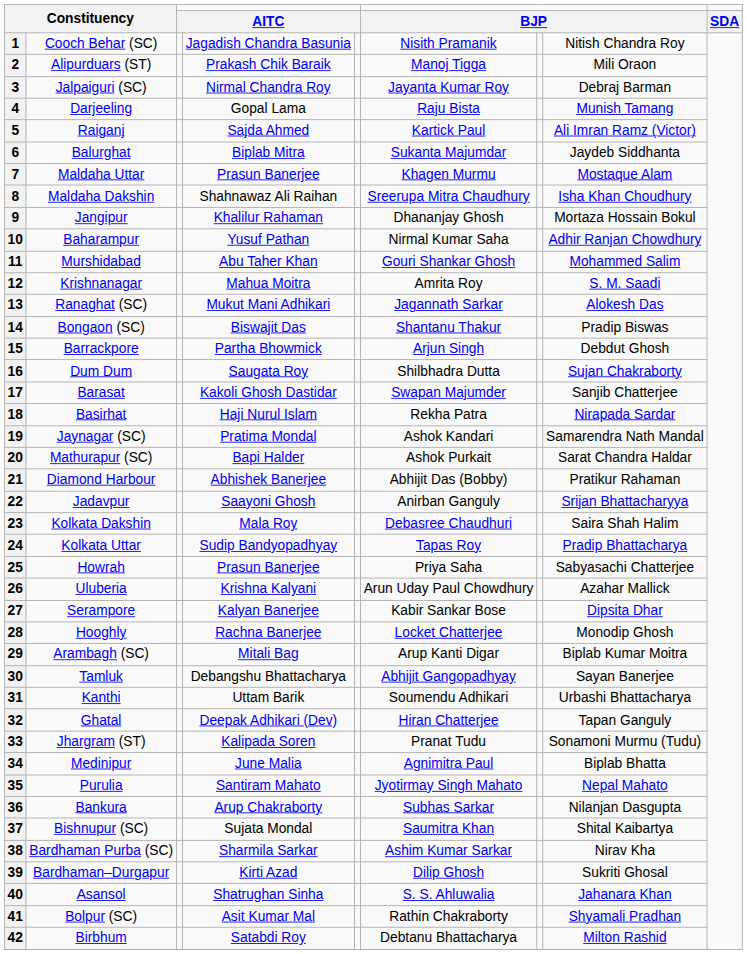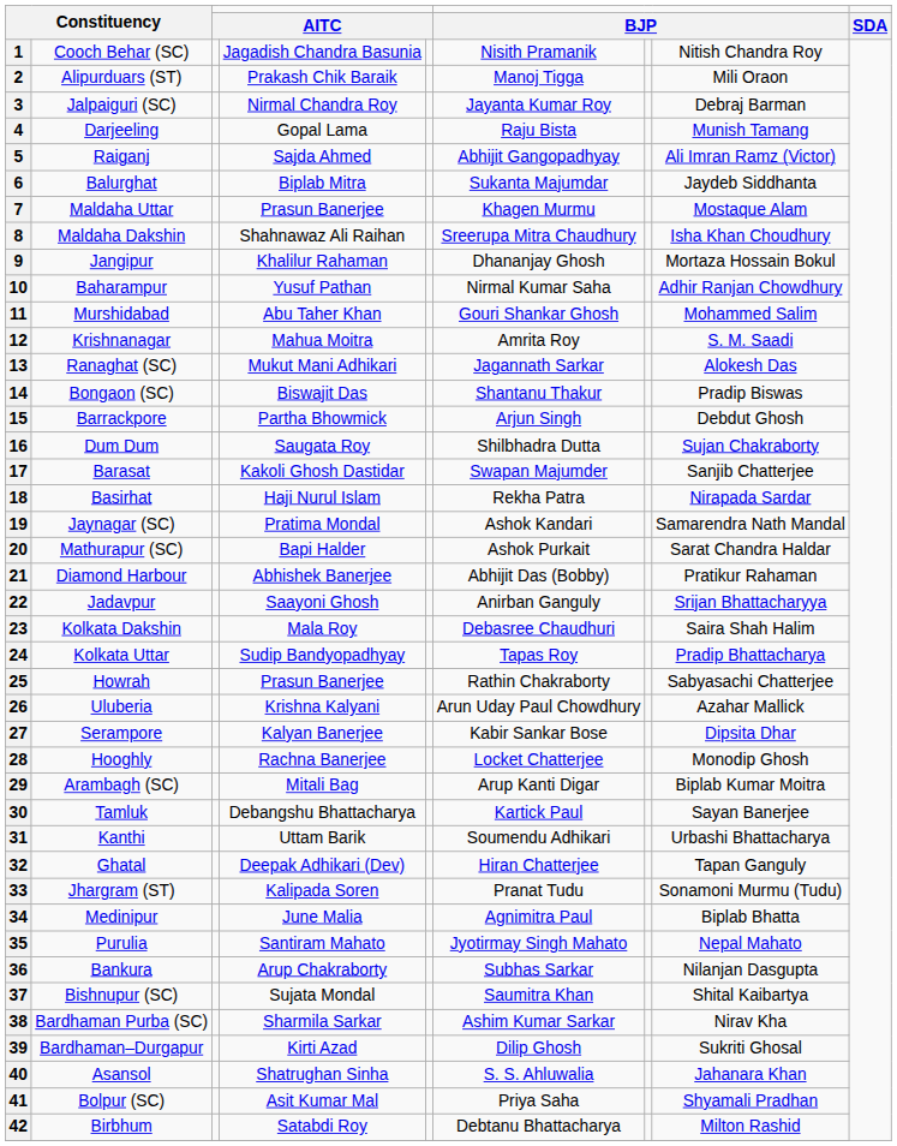 <table class="wikitable sortable" style="text-align:center">
 <tr>
 <th colspan="2" rowspan="2">Constituency</th>
 <td colspan="3"></td>
 <td colspan="3"></td>
 <td colspan="3"></td>
 </tr>
 <tr>
 <th colspan="3"><a href='#'><strong>AITC</strong></a></th>
 <th colspan="3"><a href='#'><strong>BJP</strong></a></th>
 <th colspan="3"><a href='#'>SDA</a></th>
 </tr>
 <tr>
 <th>1</th>
 <td><a href='#'>Cooch Behar</a> (SC)</td>
 <td></td>
 <td><a href='#'>Jagadish Chandra Basunia</a></td>
 <td></td>
 <td><a href='#'>Nisith Pramanik</a></td>
 <td></td>
 <td>Nitish Chandra Roy</td>
 </tr>
 <tr>
 <th>2</th>
 <td><a href='#'>Alipurduars</a> (ST)</td>
 <td></td>
 <td><a href='#'>Prakash Chik Baraik</a></td>
 <td></td>
 <td><a href='#'>Manoj Tigga</a></td>
 <td></td>
 <td>Mili Oraon</td>
 </tr>
 <tr>
 <th>3</th>
 <td><a href='#'>Jalpaiguri</a> (SC)</td>
 <td></td>
 <td><a href='#'>Nirmal Chandra Roy</a></td>
 <td></td>
 <td><a href='#'>Jayanta Kumar Roy</a></td>
 <td></td>
 <td>Debraj Barman</td>
 </tr>
 <tr>
 <th>4</th>
 <td><a href='#'>Darjeeling</a></td>
 <td></td>
 <td>Gopal Lama</td>
 <td></td>
 <td><a href='#'>Raju Bista</a></td>
 <td></td>
 <td><a href='#'>Munish Tamang</a></td>
 </tr>
 <tr>
 <th>5</th>
 <td><a href='#'>Raiganj</a></td>
 <td></td>
 <td><a href='#'>Sajda Ahmed</a></td>
 <td></td>
-<td><a href='#'>Kartick Paul</a></td>
+<td><a href='#'>Abhijit Gangopadhyay</a></td>
 <td></td>
 <td><a href='#'>Ali Imran Ramz (Victor)</a></td>
 </tr>
 <tr>
 <th>6</th>
 <td><a href='#'>Balurghat</a></td>
 <td></td>
 <td><a href='#'>Biplab Mitra</a></td>
 <td></td>
 <td><a href='#'>Sukanta Majumdar</a></td>
 <td></td>
 <td>Jaydeb Siddhanta</td>
 </tr>
 <tr>
 <th>7</th>
 <td><a href='#'>Maldaha Uttar</a></td>
 <td></td>
 <td><a href='#'>Prasun Banerjee</a></td>
 <td></td>
 <td><a href='#'>Khagen Murmu</a></td>
 <td></td>
 <td><a href='#'>Mostaque Alam</a></td>
 </tr>
 <tr>
 <th>8</th>
 <td><a href='#'>Maldaha Dakshin</a></td>
 <td></td>
 <td>Shahnawaz Ali Raihan</td>
 <td></td>
 <td><a href='#'>Sreerupa Mitra Chaudhury</a></td>
 <td></td>
 <td><a href='#'>Isha Khan Choudhury</a></td>
 </tr>
 <tr>
 <th>9</th>
 <td><a href='#'>Jangipur</a></td>
 <td></td>
 <td><a href='#'>Khalilur Rahaman</a></td>
 <td></td>
 <td>Dhananjay Ghosh</td>
 <td></td>
 <td>Mortaza Hossain Bokul</td>
 </tr>
 <tr>
 <th>10</th>
 <td><a href='#'>Baharampur</a></td>
 <td></td>
 <td><a href='#'>Yusuf Pathan</a></td>
 <td></td>
 <td>Nirmal Kumar Saha</td>
 <td></td>
 <td><a href='#'>Adhir Ranjan Chowdhury</a></td>
 </tr>
 <tr>
 <th>11</th>
 <td><a href='#'>Murshidabad</a></td>
 <td></td>
 <td><a href='#'>Abu Taher Khan</a></td>
 <td></td>
 <td><a href='#'>Gouri Shankar Ghosh</a></td>
 <td></td>
 <td><a href='#'>Mohammed Salim</a></td>
 </tr>
 <tr>
 <th>12</th>
 <td><a href='#'>Krishnanagar</a></td>
 <td></td>
 <td><a href='#'>Mahua Moitra</a></td>
 <td></td>
 <td>Amrita Roy</td>
 <td></td>
 <td><a href='#'>S. M. Saadi</a></td>
 </tr>
 <tr>
 <th>13</th>
 <td><a href='#'>Ranaghat</a> (SC)</td>
 <td></td>
 <td><a href='#'>Mukut Mani Adhikari</a></td>
 <td></td>
 <td><a href='#'>Jagannath Sarkar</a></td>
 <td></td>
 <td><a href='#'>Alokesh Das</a></td>
 </tr>
 <tr>
 <th>14</th>
 <td><a href='#'>Bongaon</a> (SC)</td>
 <td></td>
 <td><a href='#'>Biswajit Das</a></td>
 <td></td>
 <td><a href='#'>Shantanu Thakur</a></td>
 <td></td>
 <td>Pradip Biswas</td>
 </tr>
 <tr>
 <th>15</th>
 <td><a href='#'>Barrackpore</a></td>
 <td></td>
 <td><a href='#'>Partha Bhowmick</a></td>
 <td></td>
 <td><a href='#'>Arjun Singh</a></td>
 <td></td>
 <td>Debdut Ghosh</td>
 </tr>
 <tr>
 <th>16</th>
 <td><a href='#'>Dum Dum</a></td>
 <td></td>
 <td><a href='#'>Saugata Roy</a></td>
 <td></td>
 <td>Shilbhadra Dutta</td>
 <td></td>
 <td><a href='#'>Sujan Chakraborty</a></td>
 </tr>
 <tr>
 <th>17</th>
 <td><a href='#'>Barasat</a></td>
 <td></td>
 <td><a href='#'>Kakoli Ghosh Dastidar</a></td>
 <td></td>
 <td><a href='#'>Swapan Majumder</a></td>
 <td></td>
 <td>Sanjib Chatterjee</td>
 </tr>
 <tr>
 <th>18</th>
 <td><a href='#'>Basirhat</a></td>
 <td></td>
 <td><a href='#'>Haji Nurul Islam</a></td>
 <td></td>
 <td>Rekha Patra</td>
 <td></td>
 <td><a href='#'>Nirapada Sardar</a></td>
 </tr>
 <tr>
 <th>19</th>
 <td><a href='#'>Jaynagar</a> (SC)</td>
 <td></td>
 <td><a href='#'>Pratima Mondal</a></td>
 <td></td>
 <td>Ashok Kandari</td>
 <td></td>
 <td>Samarendra Nath Mandal</td>
 </tr>
 <tr>
 <th>20</th>
 <td><a href='#'>Mathurapur</a> (SC)</td>
 <td></td>
 <td><a href='#'>Bapi Halder</a></td>
 <td></td>
 <td>Ashok Purkait</td>
 <td></td>
 <td>Sarat Chandra Haldar</td>
 </tr>
 <tr>
 <th>21</th>
 <td><a href='#'>Diamond Harbour</a></td>
 <td></td>
 <td><a href='#'>Abhishek Banerjee</a></td>
 <td></td>
 <td>Abhijit Das (Bobby)</td>
 <td></td>
 <td>Pratikur Rahaman</td>
 </tr>
 <tr>
 <th>22</th>
 <td><a href='#'>Jadavpur</a></td>
 <td></td>
 <td><a href='#'>Saayoni Ghosh</a></td>
 <td></td>
 <td>Anirban Ganguly</td>
 <td></td>
 <td><a href='#'>Srijan Bhattacharyya</a></td>
 </tr>
 <tr>
 <th>23</th>
 <td><a href='#'>Kolkata Dakshin</a></td>
 <td></td>
 <td><a href='#'>Mala Roy</a></td>
 <td></td>
 <td><a href='#'>Debasree Chaudhuri</a></td>
 <td></td>
 <td>Saira Shah Halim</td>
 </tr>
 <tr>
 <th>24</th>
 <td><a href='#'>Kolkata Uttar</a></td>
 <td></td>
 <td><a href='#'>Sudip Bandyopadhyay</a></td>
 <td></td>
 <td><a href='#'>Tapas Roy</a></td>
 <td></td>
 <td><a href='#'>Pradip Bhattacharya</a></td>
 </tr>
 <tr>
 <th>25</th>
 <td><a href='#'>Howrah</a></td>
 <td></td>
 <td><a href='#'>Prasun Banerjee</a></td>
 <td></td>
-<td>Priya Saha</td>
+<td>Rathin Chakraborty</td>
 <td></td>
 <td>Sabyasachi Chatterjee</td>
 </tr>
 <tr>
 <th>26</th>
 <td><a href='#'>Uluberia</a></td>
 <td></td>
 <td><a href='#'>Krishna Kalyani</a></td>
 <td></td>
 <td>Arun Uday Paul Chowdhury</td>
 <td></td>
 <td>Azahar Mallick</td>
 </tr>
 <tr>
 <th>27</th>
 <td><a href='#'>Serampore</a></td>
 <td></td>
 <td><a href='#'>Kalyan Banerjee</a></td>
 <td></td>
 <td>Kabir Sankar Bose</td>
 <td></td>
 <td><a href='#'>Dipsita Dhar</a></td>
 </tr>
 <tr>
 <th>28</th>
 <td><a href='#'>Hooghly</a></td>
 <td></td>
 <td><a href='#'>Rachna Banerjee</a></td>
 <td></td>
 <td><a href='#'>Locket Chatterjee</a></td>
 <td></td>
 <td>Monodip Ghosh</td>
 </tr>
 <tr>
 <th>29</th>
 <td><a href='#'>Arambagh</a> (SC)</td>
 <td></td>
 <td><a href='#'>Mitali Bag</a></td>
 <td></td>
 <td>Arup Kanti Digar</td>
 <td></td>
 <td>Biplab Kumar Moitra</td>
 </tr>
 <tr>
 <th>30</th>
 <td><a href='#'>Tamluk</a></td>
 <td></td>
 <td>Debangshu Bhattacharya</td>
 <td></td>
-<td><a href='#'>Abhijit Gangopadhyay</a></td>
+<td><a href='#'>Kartick Paul</a></td>
 <td></td>
 <td>Sayan Banerjee</td>
 </tr>
 <tr>
 <th>31</th>
 <td><a href='#'>Kanthi</a></td>
 <td></td>
 <td>Uttam Barik</td>
 <td></td>
 <td>Soumendu Adhikari</td>
 <td></td>
 <td>Urbashi Bhattacharya</td>
 </tr>
 <tr>
 <th>32</th>
 <td><a href='#'>Ghatal</a></td>
 <td></td>
 <td><a href='#'>Deepak Adhikari (Dev)</a></td>
 <td></td>
 <td><a href='#'>Hiran Chatterjee</a></td>
 <td></td>
 <td>Tapan Ganguly</td>
 </tr>
 <tr>
 <th>33</th>
 <td><a href='#'>Jhargram</a> (ST)</td>
 <td></td>
 <td><a href='#'>Kalipada Soren</a></td>
 <td></td>
 <td>Pranat Tudu</td>
 <td></td>
 <td>Sonamoni Murmu (Tudu)</td>
 </tr>
 <tr>
 <th>34</th>
 <td><a href='#'>Medinipur</a></td>
 <td></td>
 <td><a href='#'>June Malia</a></td>
 <td></td>
 <td><a href='#'>Agnimitra Paul</a></td>
 <td></td>
 <td>Biplab Bhatta</td>
 </tr>
 <tr>
 <th>35</th>
 <td><a href='#'>Purulia</a></td>
 <td></td>
 <td><a href='#'>Santiram Mahato</a></td>
 <td></td>
 <td><a href='#'>Jyotirmay Singh Mahato</a></td>
 <td></td>
 <td><a href='#'>Nepal Mahato</a></td>
 </tr>
 <tr>
 <th>36</th>
 <td><a href='#'>Bankura</a></td>
 <td></td>
 <td><a href='#'>Arup Chakraborty</a></td>
 <td></td>
 <td><a href='#'>Subhas Sarkar</a></td>
 <td></td>
 <td>Nilanjan Dasgupta</td>
 </tr>
 <tr>
 <th>37</th>
 <td><a href='#'>Bishnupur</a> (SC)</td>
 <td></td>
 <td>Sujata Mondal</td>
 <td></td>
 <td><a href='#'>Saumitra Khan</a></td>
 <td></td>
 <td>Shital Kaibartya</td>
 </tr>
 <tr>
 <th>38</th>
 <td><a href='#'>Bardhaman Purba</a> (SC)</td>
 <td></td>
 <td><a href='#'>Sharmila Sarkar</a></td>
 <td></td>
 <td><a href='#'>Ashim Kumar Sarkar</a></td>
 <td></td>
 <td>Nirav Kha</td>
 </tr>
 <tr>
 <th>39</th>
 <td><a href='#'>Bardhaman–Durgapur</a></td>
 <td></td>
 <td><a href='#'>Kirti Azad</a></td>
 <td></td>
 <td><a href='#'>Dilip Ghosh</a></td>
 <td></td>
 <td>Sukriti Ghosal</td>
 </tr>
 <tr>
 <th>40</th>
 <td><a href='#'>Asansol</a></td>
 <td></td>
 <td><a href='#'>Shatrughan Sinha</a></td>
 <td></td>
 <td><a href='#'>S. S. Ahluwalia</a></td>
 <td></td>
 <td><a href='#'>Jahanara Khan</a></td>
 </tr>
 <tr>
 <th>41</th>
 <td><a href='#'>Bolpur</a> (SC)</td>
 <td></td>
 <td><a href='#'>Asit Kumar Mal</a></td>
 <td></td>
-<td>Rathin Chakraborty</td>
+<td>Priya Saha</td>
 <td></td>
 <td><a href='#'>Shyamali Pradhan</a></td>
 </tr>
 <tr>
 <th>42</th>
 <td><a href='#'>Birbhum</a></td>
 <td></td>
 <td><a href='#'>Satabdi Roy</a></td>
 <td></td>
 <td>Debtanu Bhattacharya</td>
 <td></td>
 <td><a href='#'>Milton Rashid</a></td>
 </tr>
 <tr>
 </tr>
 </table>
